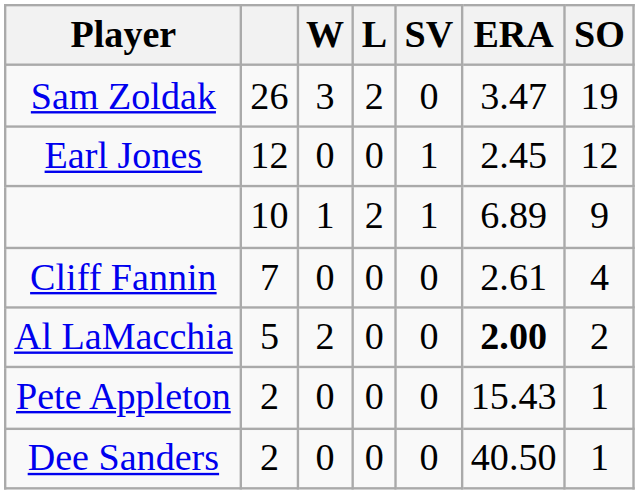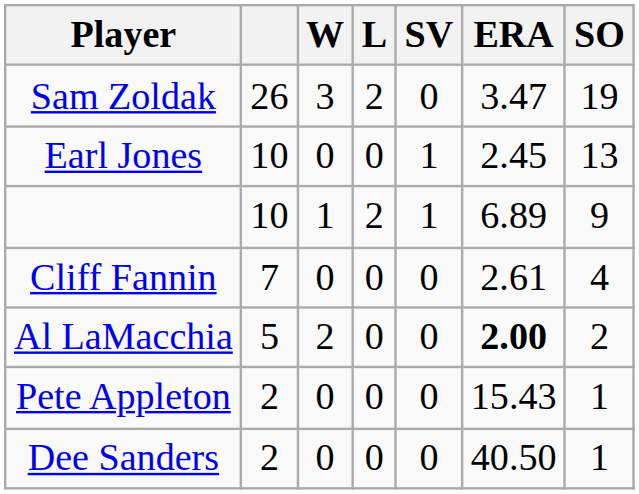 <table class="wikitable sortable">
 <tr>
 <th>Player</th>
 <th></th>
 <th>W</th>
 <th>L</th>
 <th>SV</th>
 <th>ERA</th>
 <th>SO</th>
 </tr>
 <tr align="center">
 <td><a href='#'>Sam Zoldak</a></td>
 <td>26</td>
 <td>3</td>
 <td>2</td>
 <td>0</td>
 <td>3.47</td>
 <td>19</td>
 </tr>
 <tr align="center">
 <td><a href='#'>Earl Jones</a></td>
-<td>12</td>
+<td>10</td>
 <td>0</td>
 <td>0</td>
 <td>1</td>
 <td>2.45</td>
-<td>12</td>
+<td>13</td>
 </tr>
 <tr align="center">
 <td></td>
 <td>10</td>
 <td>1</td>
 <td>2</td>
 <td>1</td>
 <td>6.89</td>
 <td>9</td>
 </tr>
 <tr align="center">
 <td><a href='#'>Cliff Fannin</a></td>
 <td>7</td>
 <td>0</td>
 <td>0</td>
 <td>0</td>
 <td>2.61</td>
 <td>4</td>
 </tr>
 <tr align="center">
 <td><a href='#'>Al LaMacchia</a></td>
 <td>5</td>
 <td>2</td>
 <td>0</td>
 <td>0</td>
 <td><strong>2.00</strong></td>
 <td>2</td>
 </tr>
 <tr align="center">
 <td><a href='#'>Pete Appleton</a></td>
 <td>2</td>
 <td>0</td>
 <td>0</td>
 <td>0</td>
 <td>15.43</td>
 <td>1</td>
 </tr>
 <tr align="center">
 <td><a href='#'>Dee Sanders</a></td>
 <td>2</td>
 <td>0</td>
 <td>0</td>
 <td>0</td>
 <td>40.50</td>
 <td>1</td>
 </tr>
 </table>
